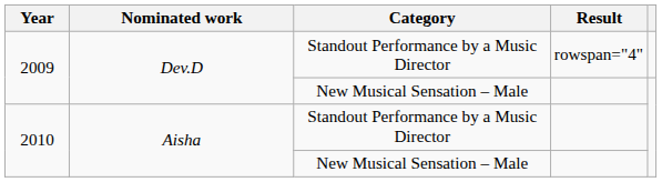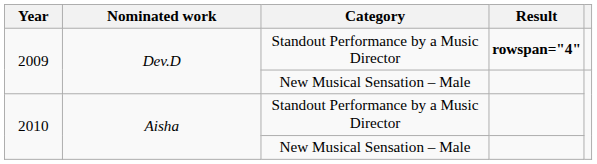 <table width="70%" class="wikitable plainrowheaders sortable">
 <tr>
 <th width="10%">Year</th>
 <th width="35%">Nominated work</th>
 <th width="40%">Category</th>
 <th width="15%">Result</th>
 <th scope="col" class="unsortable"></th>
 </tr>
 <tr>
 <td align="center" rowspan="2">2009</td>
 <td align="center" rowspan="2"><em>Dev.D</em></td>
 <td align="center">Standout Performance by a Music Director</td>
-<td>rowspan="4" </td>
+<td><strong>rowspan="4" </strong></td>
 <td style="text-align:center;"></td>
 </tr>
 <tr>
 <td align="center">New Musical Sensation – Male</td>
 <td style="text-align:center;"></td>
 </tr>
 <tr>
 <td align="center" rowspan="2">2010</td>
 <td align="center" rowspan="2"><em>Aisha</em></td>
 <td align="center">Standout Performance by a Music Director</td>
 <td style="text-align:center;"></td>
 </tr>
 <tr>
 <td align="center">New Musical Sensation – Male</td>
 <td style="text-align:center;"></td>
 </tr>
 </table>
